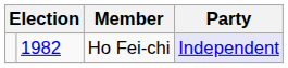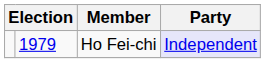 <table class="wikitable">
 <tr>
 <th colspan="2">Election</th>
 <th>Member</th>
 <th>Party</th>
 </tr>
 <tr>
 <td style="background-color:"></td>
-<td><a href='#'>1982</a></td>
+<td><a href='#'>1979</a></td>
 <td>Ho Fei-chi</td>
 <td style="background: lavender;"><a href='#'>Independent</a></td>
 </tr>
 <tr>
 </tr>
 </table>
